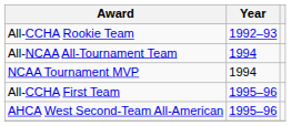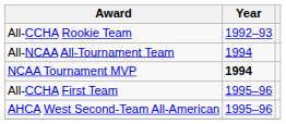 <table class="wikitable">
 <tr>
 <th>Award</th>
 <th>Year</th>
 <th></th>
 </tr>
 <tr>
 <td>All-<a href='#'>CCHA</a> <a href='#'>Rookie Team</a></td>
 <td><a href='#'>1992–93</a></td>
 <td></td>
 </tr>
 <tr>
 <td>All-<a href='#'>NCAA</a> <a href='#'>All-Tournament Team</a></td>
 <td><a href='#'>1994</a></td>
 <td></td>
 </tr>
 <tr>
 <td><a href='#'>NCAA Tournament MVP</a></td>
-<td>1994</td>
+<td><strong>1994</strong></td>
 <td></td>
 </tr>
 <tr>
 <td>All-<a href='#'>CCHA</a> <a href='#'>First Team</a></td>
 <td><a href='#'>1995–96</a></td>
 <td></td>
 </tr>
 <tr>
 <td><a href='#'>AHCA</a> <a href='#'>West Second-Team All-American</a></td>
 <td><a href='#'>1995–96</a></td>
 <td></td>
 </tr>
 <tr>
 </tr>
 </table>
